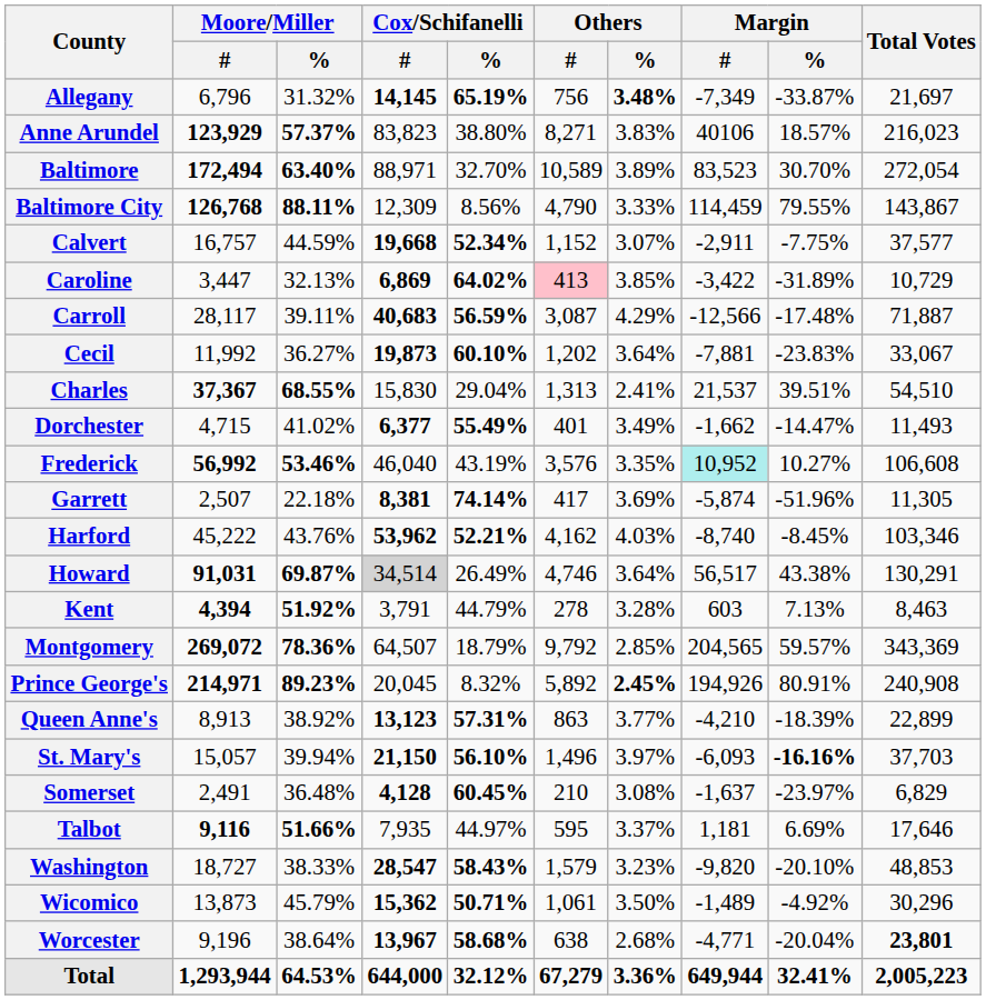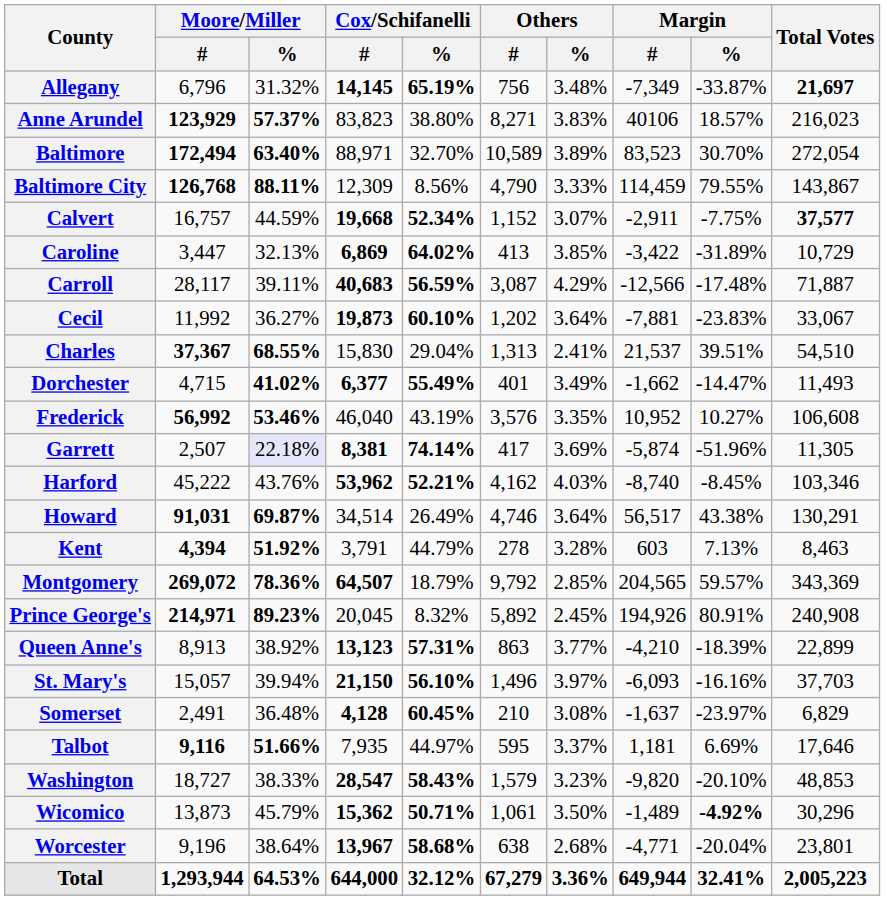 <table class="wikitable sortable" style="text-align:center">
 <tr>
 <th rowspan="2">County</th>
 <th colspan="2"><a href='#'>Moore</a>/<a href='#'>Miller</a></th>
 <th colspan="2"><a href='#'>Cox</a>/Schifanelli</th>
 <th colspan="2">Others</th>
 <th colspan="2">Margin</th>
 <th rowspan="2">Total Votes</th>
 </tr>
 <tr>
 <th style="background:">#</th>
 <th style="background:">%</th>
 <th style="background:">#</th>
 <th style="background:">%</th>
 <th style="background:">#</th>
 <th style="background:">%</th>
 <th>#</th>
 <th>%</th>
 </tr>
 <tr>
 <th><a href='#'>Allegany</a></th>
 <td>6,796</td>
 <td>31.32%</td>
 <td><strong>14,145</strong></td>
 <td><strong>65.19%</strong></td>
 <td>756</td>
-<td><strong>3.48%</strong></td>
+<td>3.48%</td>
 <td>-7,349</td>
 <td>-33.87%</td>
-<td>21,697</td>
+<td><strong>21,697</strong></td>
 </tr>
 <tr>
 <th><a href='#'>Anne Arundel</a></th>
 <td><strong>123,929</strong></td>
 <td><strong>57.37%</strong></td>
 <td>83,823</td>
 <td>38.80%</td>
 <td>8,271</td>
 <td>3.83%</td>
 <td>40106</td>
 <td>18.57%</td>
 <td>216,023</td>
 </tr>
 <tr>
 <th><a href='#'>Baltimore</a></th>
 <td><strong>172,494</strong></td>
 <td><strong>63.40%</strong></td>
 <td>88,971</td>
 <td>32.70%</td>
 <td>10,589</td>
 <td>3.89%</td>
 <td>83,523</td>
 <td>30.70%</td>
 <td>272,054</td>
 </tr>
 <tr>
 <th><a href='#'>Baltimore City</a></th>
 <td><strong>126,768</strong></td>
 <td><strong>88.11%</strong></td>
 <td>12,309</td>
 <td>8.56%</td>
 <td>4,790</td>
 <td>3.33%</td>
 <td>114,459</td>
 <td>79.55%</td>
 <td>143,867</td>
 </tr>
 <tr>
 <th><a href='#'>Calvert</a></th>
 <td>16,757</td>
 <td>44.59%</td>
 <td><strong>19,668</strong></td>
 <td><strong>52.34%</strong></td>
 <td>1,152</td>
 <td>3.07%</td>
 <td>-2,911</td>
 <td>-7.75%</td>
-<td>37,577</td>
+<td><strong>37,577</strong></td>
 </tr>
 <tr>
 <th><a href='#'>Caroline</a></th>
 <td>3,447</td>
 <td>32.13%</td>
 <td><strong>6,869</strong></td>
 <td><strong>64.02%</strong></td>
-<td style="background: pink;">413</td>
+<td>413</td>
 <td>3.85%</td>
 <td>-3,422</td>
 <td>-31.89%</td>
 <td>10,729</td>
 </tr>
 <tr>
 <th><a href='#'>Carroll</a></th>
 <td>28,117</td>
 <td>39.11%</td>
 <td><strong>40,683</strong></td>
 <td><strong>56.59%</strong></td>
 <td>3,087</td>
 <td>4.29%</td>
 <td>-12,566</td>
 <td>-17.48%</td>
 <td>71,887</td>
 </tr>
 <tr>
 <th><a href='#'>Cecil</a></th>
 <td>11,992</td>
 <td>36.27%</td>
 <td><strong>19,873</strong></td>
 <td><strong>60.10%</strong></td>
 <td>1,202</td>
 <td>3.64%</td>
 <td>-7,881</td>
 <td>-23.83%</td>
 <td>33,067</td>
 </tr>
 <tr>
 <th><a href='#'>Charles</a></th>
 <td><strong>37,367</strong></td>
 <td><strong>68.55%</strong></td>
 <td>15,830</td>
 <td>29.04%</td>
 <td>1,313</td>
 <td>2.41%</td>
 <td>21,537</td>
 <td>39.51%</td>
 <td>54,510</td>
 </tr>
 <tr>
 <th><a href='#'>Dorchester</a></th>
 <td>4,715</td>
-<td>41.02%</td>
+<td><strong>41.02%</strong></td>
 <td><strong>6,377</strong></td>
 <td><strong>55.49%</strong></td>
 <td>401</td>
 <td>3.49%</td>
 <td>-1,662</td>
 <td>-14.47%</td>
 <td>11,493</td>
 </tr>
 <tr>
 <th><a href='#'>Frederick</a></th>
 <td><strong>56,992</strong></td>
 <td><strong>53.46%</strong></td>
 <td>46,040</td>
 <td>43.19%</td>
 <td>3,576</td>
 <td>3.35%</td>
-<td style="background: paleturquoise;">10,952</td>
+<td>10,952</td>
 <td>10.27%</td>
 <td>106,608</td>
 </tr>
 <tr>
 <th><a href='#'>Garrett</a></th>
 <td>2,507</td>
-<td>22.18%</td>
+<td style="background: lavender;">22.18%</td>
 <td><strong>8,381</strong></td>
 <td><strong>74.14%</strong></td>
 <td>417</td>
 <td>3.69%</td>
 <td>-5,874</td>
 <td>-51.96%</td>
 <td>11,305</td>
 </tr>
 <tr>
 <th><a href='#'>Harford</a></th>
 <td>45,222</td>
 <td>43.76%</td>
 <td><strong>53,962</strong></td>
 <td><strong>52.21%</strong></td>
 <td>4,162</td>
 <td>4.03%</td>
 <td>-8,740</td>
 <td>-8.45%</td>
 <td>103,346</td>
 </tr>
 <tr>
 <th><a href='#'>Howard</a></th>
 <td><strong>91,031</strong></td>
 <td><strong>69.87%</strong></td>
-<td style="background: lightgrey;">34,514</td>
+<td>34,514</td>
 <td>26.49%</td>
 <td>4,746</td>
 <td>3.64%</td>
 <td>56,517</td>
 <td>43.38%</td>
 <td>130,291</td>
 </tr>
 <tr>
 <th><a href='#'>Kent</a></th>
 <td><strong>4,394</strong></td>
 <td><strong>51.92%</strong></td>
 <td>3,791</td>
 <td>44.79%</td>
 <td>278</td>
 <td>3.28%</td>
 <td>603</td>
 <td>7.13%</td>
 <td>8,463</td>
 </tr>
 <tr>
 <th><a href='#'>Montgomery</a></th>
 <td><strong>269,072</strong></td>
 <td><strong>78.36%</strong></td>
-<td>64,507</td>
+<td><strong>64,507</strong></td>
 <td>18.79%</td>
 <td>9,792</td>
 <td>2.85%</td>
 <td>204,565</td>
 <td>59.57%</td>
 <td>343,369</td>
 </tr>
 <tr>
 <th><a href='#'>Prince George's</a></th>
 <td><strong>214,971</strong></td>
 <td><strong>89.23%</strong></td>
 <td>20,045</td>
 <td>8.32%</td>
 <td>5,892</td>
-<td><strong>2.45%</strong></td>
+<td>2.45%</td>
 <td>194,926</td>
 <td>80.91%</td>
 <td>240,908</td>
 </tr>
 <tr>
 <th><a href='#'>Queen Anne's</a></th>
 <td>8,913</td>
 <td>38.92%</td>
 <td><strong>13,123</strong></td>
 <td><strong>57.31%</strong></td>
 <td>863</td>
 <td>3.77%</td>
 <td>-4,210</td>
 <td>-18.39%</td>
 <td>22,899</td>
 </tr>
 <tr>
 <th><a href='#'>St. Mary's</a></th>
 <td>15,057</td>
 <td>39.94%</td>
 <td><strong>21,150</strong></td>
 <td><strong>56.10%</strong></td>
 <td>1,496</td>
 <td>3.97%</td>
 <td>-6,093</td>
-<td><strong>-16.16%</strong></td>
+<td>-16.16%</td>
 <td>37,703</td>
 </tr>
 <tr>
 <th><a href='#'>Somerset</a></th>
 <td>2,491</td>
 <td>36.48%</td>
 <td><strong>4,128</strong></td>
 <td><strong>60.45%</strong></td>
 <td>210</td>
 <td>3.08%</td>
 <td>-1,637</td>
 <td>-23.97%</td>
 <td>6,829</td>
 </tr>
 <tr>
 <th><a href='#'>Talbot</a></th>
 <td><strong>9,116</strong></td>
 <td><strong>51.66%</strong></td>
 <td>7,935</td>
 <td>44.97%</td>
 <td>595</td>
 <td>3.37%</td>
 <td>1,181</td>
 <td>6.69%</td>
 <td>17,646</td>
 </tr>
 <tr>
 <th><a href='#'>Washington</a></th>
 <td>18,727</td>
 <td>38.33%</td>
 <td><strong>28,547</strong></td>
 <td><strong>58.43%</strong></td>
 <td>1,579</td>
 <td>3.23%</td>
 <td>-9,820</td>
 <td>-20.10%</td>
 <td>48,853</td>
 </tr>
 <tr>
 <th><a href='#'>Wicomico</a></th>
 <td>13,873</td>
 <td>45.79%</td>
 <td><strong>15,362</strong></td>
 <td><strong>50.71%</strong></td>
 <td>1,061</td>
 <td>3.50%</td>
 <td>-1,489</td>
-<td>-4.92%</td>
+<td><strong>-4.92%</strong></td>
 <td>30,296</td>
 </tr>
 <tr>
 <th><a href='#'>Worcester</a></th>
 <td>9,196</td>
 <td>38.64%</td>
 <td><strong>13,967</strong></td>
 <td><strong>58.68%</strong></td>
 <td>638</td>
 <td>2.68%</td>
 <td>-4,771</td>
 <td>-20.04%</td>
-<td><strong>23,801</strong></td>
+<td>23,801</td>
 </tr>
 <tr class="sortbottom">
 <td style="background-color:#E6E6E6;"><strong>Total</strong></td>
 <td><strong>1,293,944</strong></td>
 <td><strong>64.53%</strong></td>
 <td><strong>644,000</strong></td>
 <td><strong>32.12%</strong></td>
 <td><strong>67,279</strong></td>
 <td><strong>3.36%</strong></td>
 <td><strong>649,944</strong></td>
 <td><strong>32.41%</strong></td>
 <td><strong>2,005,223</strong></td>
 </tr>
 </table>
